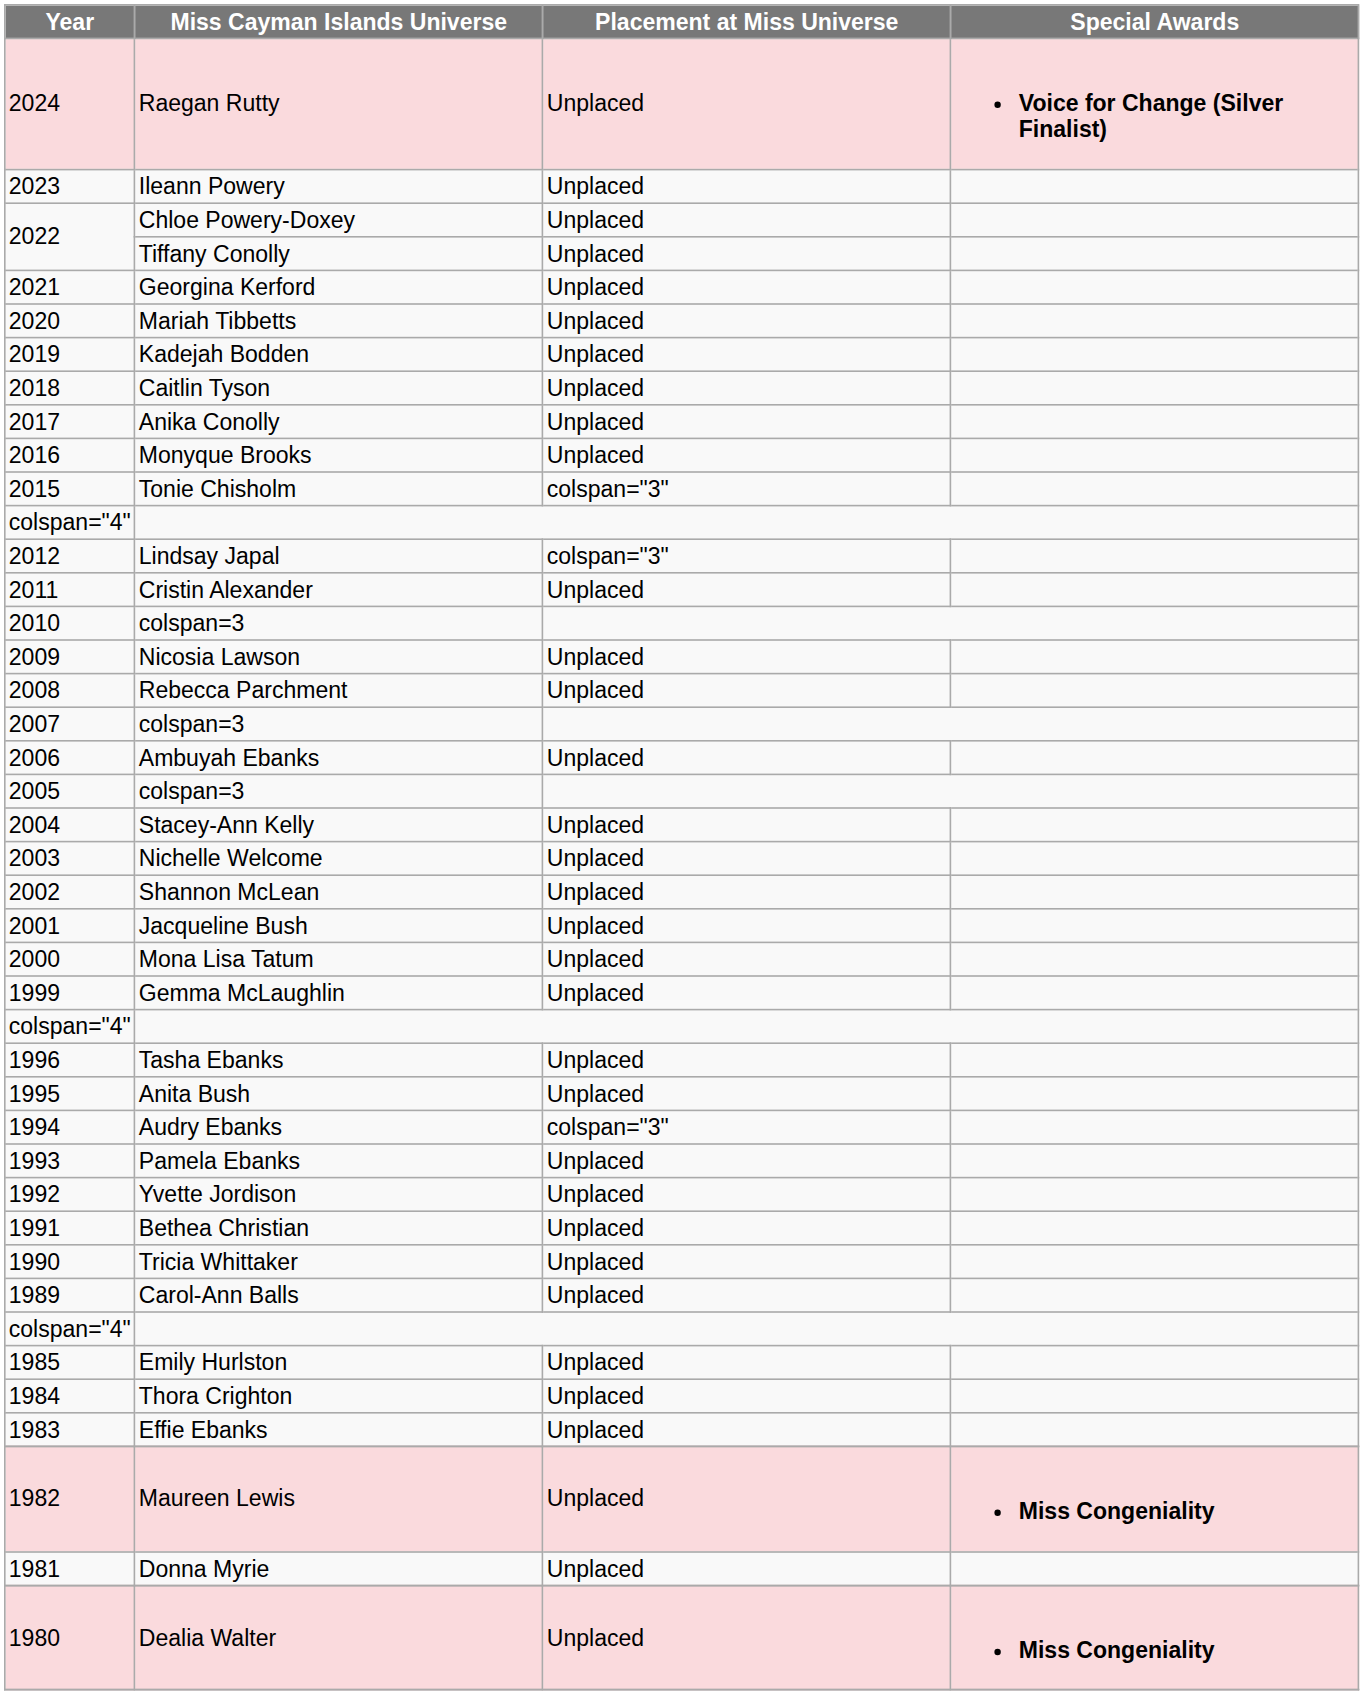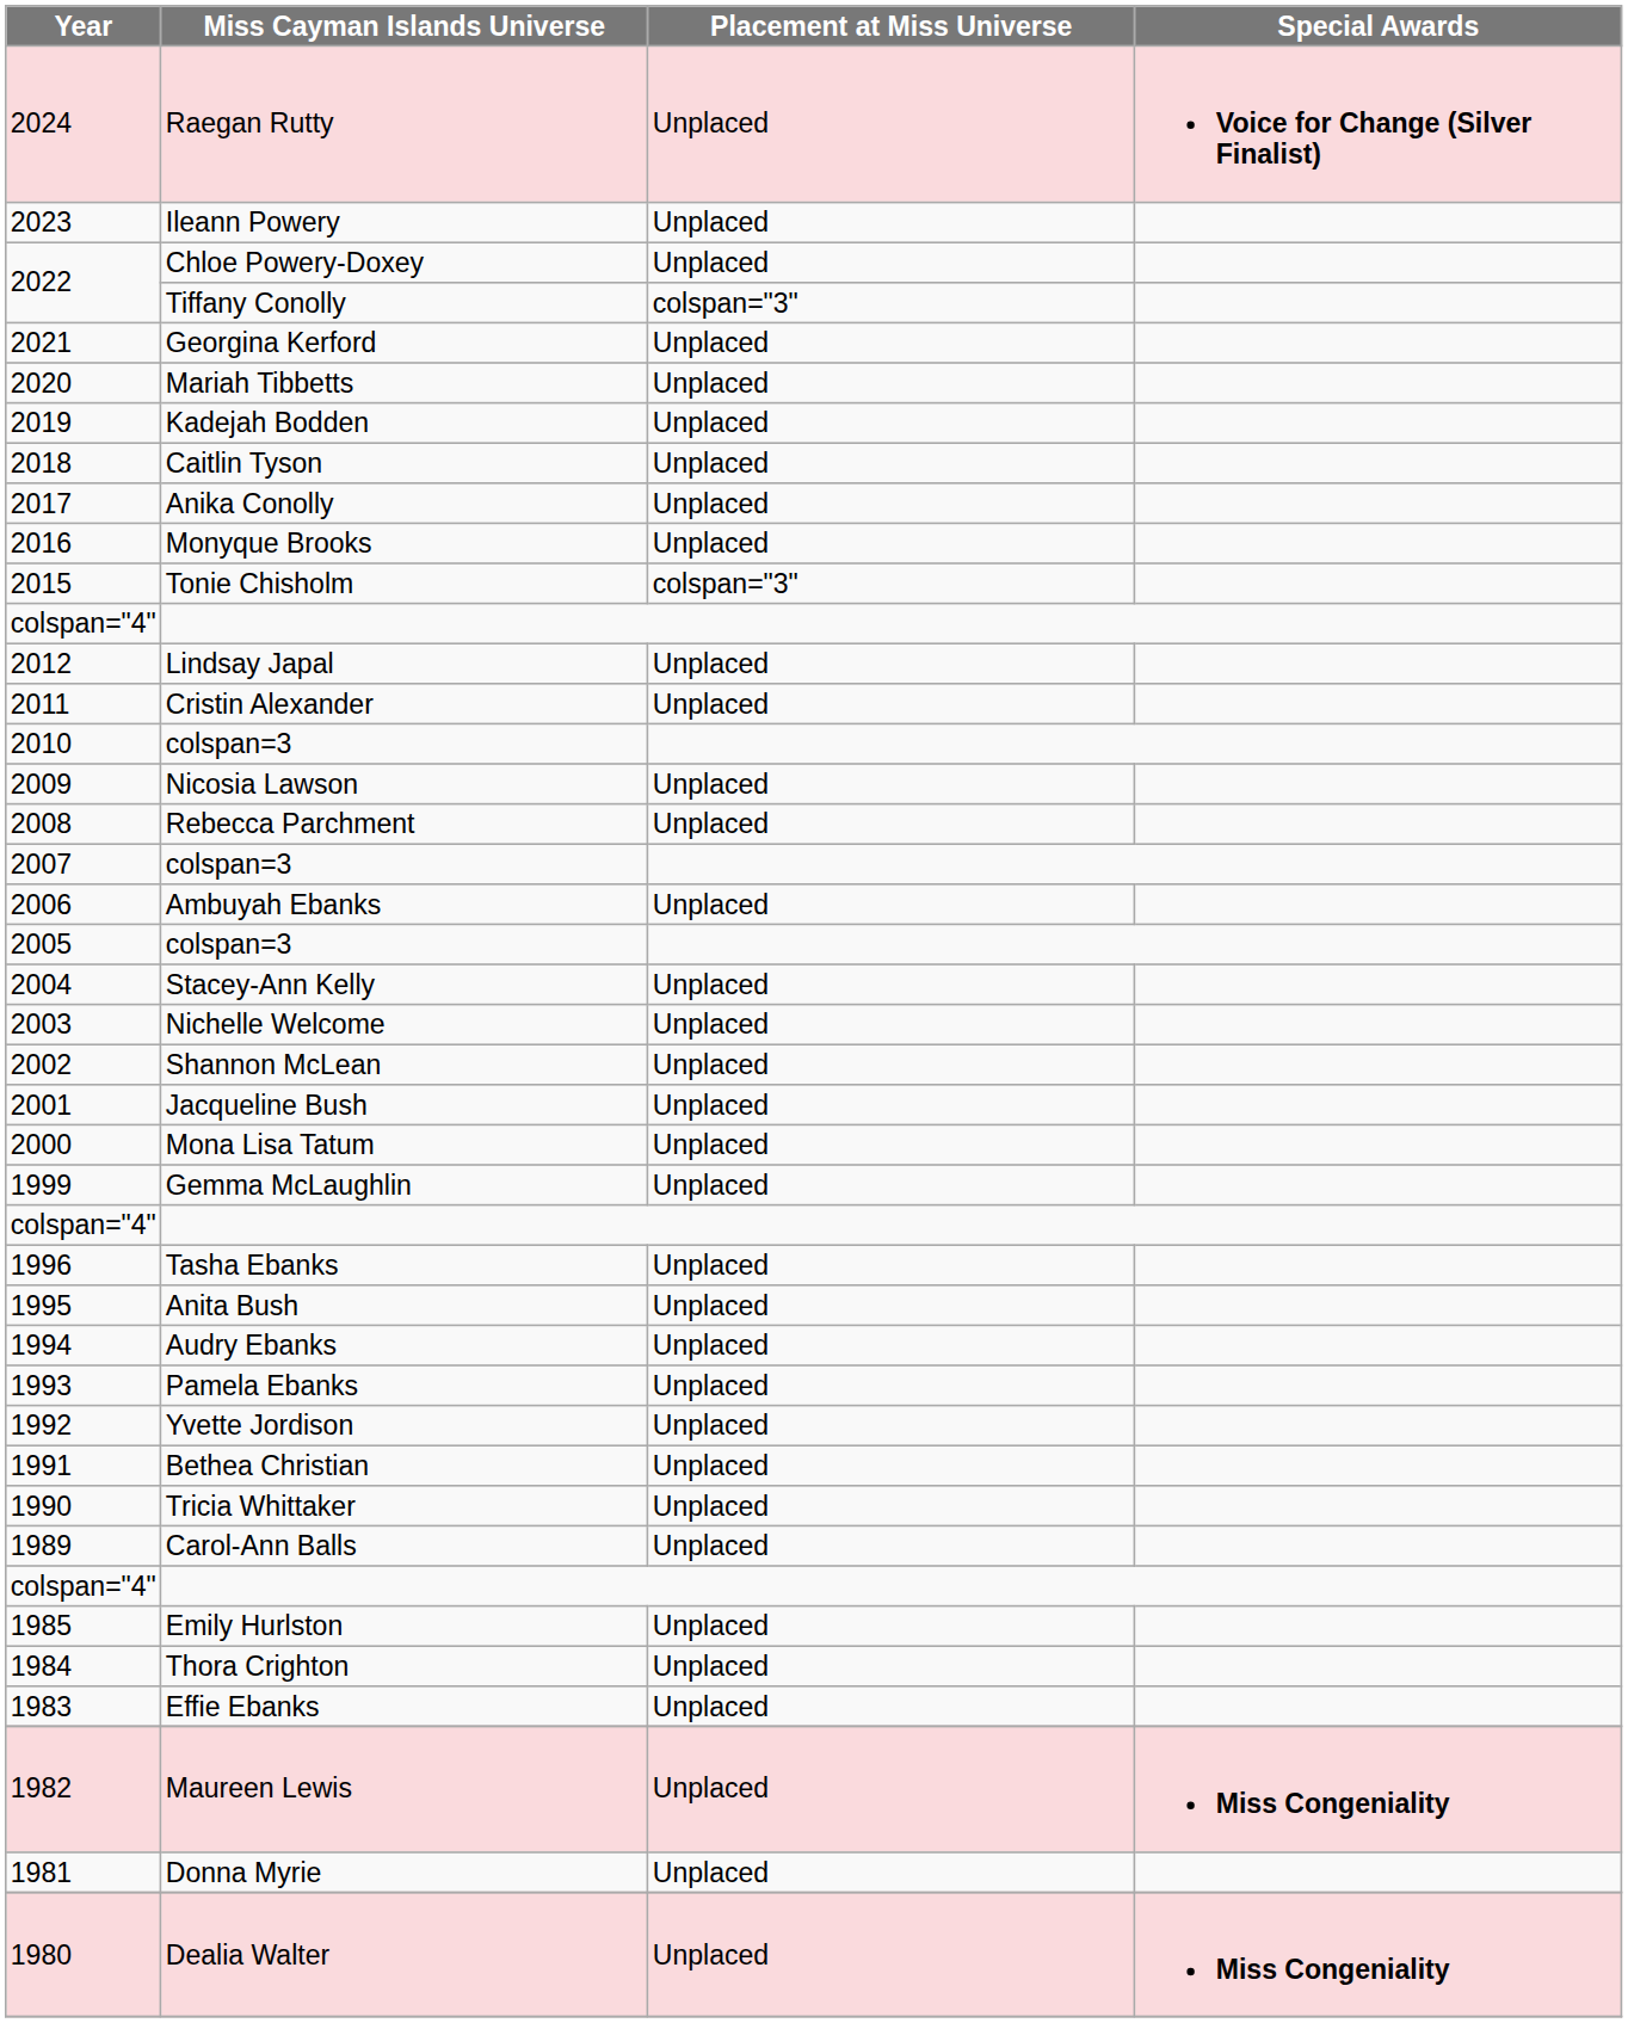 <table class="sortable" border="5" cellpadding="2" cellspacing="0" align=" 0 1em 0 0" style="background: #f9f9f9; border: 1px #aaa solid; border-collapse: collapse; font-size: 90%">
 <tr>
 <th width="60" style="background-color:#787878;color:#FFFFFF;">Year</th>
 <th width="250" style="background-color:#787878;color:#FFFFFF;">Miss Cayman Islands Universe</th>
 <th width="250" style="background-color:#787878;color:#FFFFFF;">Placement at Miss Universe</th>
 <th width="250" style="background-color:#787878;color:#FFFFFF;">Special Awards</th>
 </tr>
 <tr style="background-color:#FADADD">
 <td>2024</td>
 <td>Raegan Rutty</td>
 <td>Unplaced</td>
 <td align="left"><br><ul><li><strong>Voice for Change (Silver Finalist)</strong></li></ul></td>
 </tr>
 <tr>
 <td>2023</td>
 <td>Ileann Powery</td>
 <td>Unplaced</td>
 <td></td>
 </tr>
 <tr>
 <td rowspan="2">2022</td>
 <td>Chloe Powery-Doxey</td>
 <td>Unplaced</td>
 <td></td>
 </tr>
 <tr>
 <td>Tiffany Conolly</td>
-<td>Unplaced</td>
+<td>colspan="3" </td>
 </tr>
 <tr>
 <td>2021</td>
 <td>Georgina Kerford</td>
 <td>Unplaced</td>
 <td></td>
 </tr>
 <tr>
 <td>2020</td>
 <td>Mariah Tibbetts</td>
 <td>Unplaced</td>
 <td></td>
 </tr>
 <tr>
 <td>2019</td>
 <td>Kadejah Bodden</td>
 <td>Unplaced</td>
 <td></td>
 </tr>
 <tr>
 <td>2018</td>
 <td>Caitlin Tyson</td>
 <td>Unplaced</td>
 <td></td>
 </tr>
 <tr>
 <td>2017</td>
 <td>Anika Conolly</td>
 <td>Unplaced</td>
 <td></td>
 </tr>
 <tr>
 <td>2016</td>
 <td>Monyque Brooks</td>
 <td>Unplaced</td>
 <td></td>
 </tr>
 <tr>
 <td>2015</td>
 <td>Tonie Chisholm</td>
 <td>colspan="3" </td>
 <td></td>
 </tr>
 <tr>
 <td>colspan="4" </td>
 </tr>
 <tr>
 <td>2012</td>
 <td>Lindsay Japal</td>
-<td>colspan="3" </td>
+<td>Unplaced</td>
 <td></td>
 </tr>
 <tr>
 <td>2011</td>
 <td>Cristin Alexander</td>
 <td>Unplaced</td>
 <td></td>
 </tr>
 <tr>
 <td>2010</td>
 <td>colspan=3 </td>
 </tr>
 <tr>
 <td>2009</td>
 <td>Nicosia Lawson</td>
 <td>Unplaced</td>
 <td></td>
 </tr>
 <tr>
 <td>2008</td>
 <td>Rebecca Parchment</td>
 <td>Unplaced</td>
 <td></td>
 </tr>
 <tr>
 <td>2007</td>
 <td>colspan=3 </td>
 </tr>
 <tr>
 <td>2006</td>
 <td>Ambuyah Ebanks</td>
 <td>Unplaced</td>
 <td></td>
 </tr>
 <tr>
 <td>2005</td>
 <td>colspan=3 </td>
 </tr>
 <tr>
 <td>2004</td>
 <td>Stacey-Ann Kelly</td>
 <td>Unplaced</td>
 <td></td>
 </tr>
 <tr>
 <td>2003</td>
 <td>Nichelle Welcome</td>
 <td>Unplaced</td>
 <td></td>
 </tr>
 <tr>
 <td>2002</td>
 <td>Shannon McLean</td>
 <td>Unplaced</td>
 <td></td>
 </tr>
 <tr>
 <td>2001</td>
 <td>Jacqueline Bush</td>
 <td>Unplaced</td>
 <td></td>
 </tr>
 <tr>
 <td>2000</td>
 <td>Mona Lisa Tatum</td>
 <td>Unplaced</td>
 <td></td>
 </tr>
 <tr>
 <td>1999</td>
 <td>Gemma McLaughlin</td>
 <td>Unplaced</td>
 <td></td>
 </tr>
 <tr>
 <td>colspan="4" </td>
 </tr>
 <tr>
 <td>1996</td>
 <td>Tasha Ebanks</td>
 <td>Unplaced</td>
 <td></td>
 </tr>
 <tr>
 <td>1995</td>
 <td>Anita Bush</td>
 <td>Unplaced</td>
 <td></td>
 </tr>
 <tr>
 <td>1994</td>
 <td>Audry Ebanks</td>
-<td>colspan="3" </td>
+<td>Unplaced</td>
 <td></td>
 </tr>
 <tr>
 <td>1993</td>
 <td>Pamela Ebanks</td>
 <td>Unplaced</td>
 <td></td>
 </tr>
 <tr>
 <td>1992</td>
 <td>Yvette Jordison</td>
 <td>Unplaced</td>
 <td></td>
 </tr>
 <tr>
 <td>1991</td>
 <td>Bethea Christian</td>
 <td>Unplaced</td>
 <td></td>
 </tr>
 <tr>
 <td>1990</td>
 <td>Tricia Whittaker</td>
 <td>Unplaced</td>
 <td></td>
 </tr>
 <tr>
 <td>1989</td>
 <td>Carol-Ann Balls</td>
 <td>Unplaced</td>
 <td></td>
 </tr>
 <tr>
 <td>colspan="4" </td>
 </tr>
 <tr>
 <td>1985</td>
 <td>Emily Hurlston</td>
 <td>Unplaced</td>
 <td></td>
 </tr>
 <tr>
 <td>1984</td>
 <td>Thora Crighton</td>
 <td>Unplaced</td>
 <td></td>
 </tr>
 <tr>
 <td>1983</td>
 <td>Effie Ebanks</td>
 <td>Unplaced</td>
 <td></td>
 </tr>
 <tr>
 </tr>
 <tr style="background-color:#FADADD; ">
 <td>1982</td>
 <td>Maureen Lewis</td>
 <td>Unplaced</td>
 <td align="left"><br><ul><li><strong>Miss Congeniality</strong></li></ul></td>
 </tr>
 <tr>
 <td>1981</td>
 <td>Donna Myrie</td>
 <td>Unplaced</td>
 <td></td>
 </tr>
 <tr>
 </tr>
 <tr style="background-color:#FADADD; ">
 <td>1980</td>
 <td>Dealia Walter</td>
 <td>Unplaced</td>
 <td align="left"><br><ul><li><strong>Miss Congeniality</strong></li></ul></td>
 </tr>
 <tr>
 </tr>
 </table>
